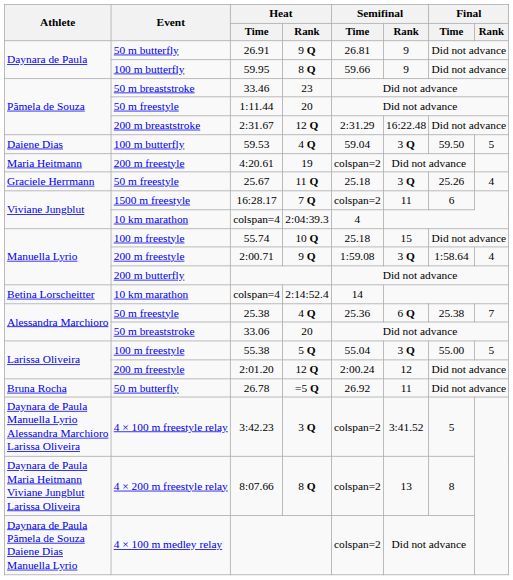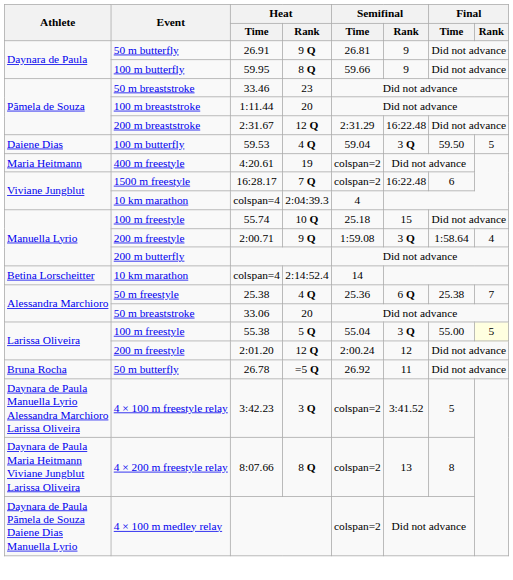 <table class=wikitable style="font-size:90%">
 <tr>
 <th rowspan="2">Athlete</th>
 <th rowspan="2">Event</th>
 <th colspan="2">Heat</th>
 <th colspan="2">Semifinal</th>
 <th colspan="2">Final</th>
 </tr>
 <tr style="font-size:95%">
 <th>Time</th>
 <th>Rank</th>
 <th>Time</th>
 <th>Rank</th>
 <th>Time</th>
 <th>Rank</th>
 </tr>
 <tr align=center>
 <td align=left rowspan=2><a href='#'>Daynara de Paula</a></td>
 <td align=left><a href='#'>50 m butterfly</a></td>
 <td>26.91</td>
 <td>9 <strong>Q</strong></td>
 <td>26.81</td>
 <td>9</td>
 <td colspan=2>Did not advance</td>
 </tr>
 <tr align=center>
 <td align=left><a href='#'>100 m butterfly</a></td>
 <td>59.95</td>
 <td>8 <strong>Q</strong></td>
 <td>59.66</td>
 <td>9</td>
 <td colspan=2>Did not advance</td>
 </tr>
 <tr align=center>
 <td align=left rowspan=3><a href='#'>Pãmela de Souza</a></td>
 <td align=left><a href='#'>50 m breaststroke</a></td>
 <td>33.46</td>
 <td>23</td>
 <td colspan=4>Did not advance</td>
 </tr>
 <tr align=center>
-<td align=left><a href='#'>50 m freestyle</a></td>
+<td align=left><a href='#'>100 m breaststroke</a></td>
 <td>1:11.44</td>
 <td>20</td>
 <td colspan=4>Did not advance</td>
 </tr>
 <tr align=center>
 <td align=left><a href='#'>200 m breaststroke</a></td>
 <td>2:31.67</td>
 <td>12 <strong>Q</strong></td>
 <td>2:31.29</td>
 <td>16:22.48</td>
 <td colspan=2>Did not advance</td>
 </tr>
 <tr align=center>
 <td align=left><a href='#'>Daiene Dias</a></td>
 <td align=left><a href='#'>100 m butterfly</a></td>
 <td>59.53</td>
 <td>4 <strong>Q</strong></td>
 <td>59.04</td>
 <td>3 <strong>Q</strong></td>
 <td>59.50</td>
 <td>5</td>
 </tr>
 <tr align=center>
 <td align=left><a href='#'>Maria Heitmann</a></td>
-<td align=left><a href='#'>200 m freestyle</a></td>
+<td align=left><a href='#'>400 m freestyle</a></td>
 <td>4:20.61</td>
 <td>19</td>
 <td>colspan=2 </td>
 <td colspan=2>Did not advance</td>
-</tr>
-<tr align=center>
-<td align=left><a href='#'>Graciele Herrmann</a></td>
-<td align=left><a href='#'>50 m freestyle</a></td>
-<td>25.67</td>
-<td>11 <strong>Q</strong></td>
-<td>25.18</td>
-<td>3 <strong>Q</strong></td>
-<td>25.26</td>
-<td>4</td>
 </tr>
 <tr align=center>
 <td align=left rowspan=2><a href='#'>Viviane Jungblut</a></td>
 <td align=left><a href='#'>1500 m freestyle</a></td>
 <td>16:28.17</td>
 <td>7 <strong>Q</strong></td>
 <td>colspan=2 </td>
-<td>11</td>
+<td>16:22.48</td>
 <td>6</td>
 </tr>
 <tr align=center>
 <td align=left><a href='#'>10 km marathon</a></td>
 <td>colspan=4 </td>
 <td>2:04:39.3</td>
 <td>4</td>
 </tr>
 <tr align=center>
 <td align=left rowspan=3><a href='#'>Manuella Lyrio</a></td>
 <td align=left><a href='#'>100 m freestyle</a></td>
 <td>55.74</td>
 <td>10 <strong>Q</strong></td>
 <td>25.18</td>
 <td>15</td>
 <td colspan=2>Did not advance</td>
 </tr>
 <tr align=center>
 <td align=left><a href='#'>200 m freestyle</a></td>
 <td>2:00.71</td>
 <td>9 <strong>Q</strong></td>
 <td>1:59.08</td>
 <td>3 <strong>Q</strong></td>
 <td>1:58.64</td>
 <td>4</td>
 </tr>
 <tr align=center>
 <td align=left><a href='#'>200 m butterfly</a></td>
 <td colspan=2></td>
 <td colspan=4>Did not advance</td>
 </tr>
 <tr align=center>
 <td align=left><a href='#'>Betina Lorscheitter</a></td>
 <td align=left><a href='#'>10 km marathon</a></td>
 <td>colspan=4 </td>
 <td>2:14:52.4</td>
 <td>14</td>
 </tr>
 <tr align=center>
 <td align=left rowspan=2><a href='#'>Alessandra Marchioro</a></td>
 <td align=left><a href='#'>50 m freestyle</a></td>
 <td>25.38</td>
 <td>4 <strong>Q</strong></td>
 <td>25.36</td>
 <td>6 <strong>Q</strong></td>
 <td>25.38</td>
 <td>7</td>
 </tr>
 <tr align=center>
 <td align=left><a href='#'>50 m breaststroke</a></td>
 <td>33.06</td>
 <td>20</td>
 <td colspan=4>Did not advance</td>
 </tr>
 <tr align=center>
 <td align=left rowspan=2><a href='#'>Larissa Oliveira</a></td>
 <td align=left><a href='#'>100 m freestyle</a></td>
 <td>55.38</td>
 <td>5 <strong>Q</strong></td>
 <td>55.04</td>
 <td>3 <strong>Q</strong></td>
 <td>55.00</td>
-<td>5</td>
+<td style="background: lightyellow;">5</td>
 </tr>
 <tr align=center>
 <td align=left><a href='#'>200 m freestyle</a></td>
 <td>2:01.20</td>
 <td>12 <strong>Q</strong></td>
 <td>2:00.24</td>
 <td>12</td>
 <td colspan=2>Did not advance</td>
 </tr>
 <tr align=center>
 <td align=left><a href='#'>Bruna Rocha</a></td>
 <td align=left><a href='#'>50 m butterfly</a></td>
 <td>26.78</td>
 <td>=5 <strong>Q</strong></td>
 <td>26.92</td>
 <td>11</td>
 <td colspan=2>Did not advance</td>
 </tr>
 <tr align=center>
 <td align=left><a href='#'>Daynara de Paula</a><br> <a href='#'>Manuella Lyrio</a><br> <a href='#'>Alessandra Marchioro</a><br> <a href='#'>Larissa Oliveira</a></td>
 <td align=left><a href='#'>4 × 100 m freestyle relay</a></td>
 <td>3:42.23</td>
 <td>3 <strong>Q</strong></td>
 <td>colspan=2 </td>
 <td>3:41.52</td>
 <td>5</td>
 </tr>
 <tr align=center>
 <td align=left><a href='#'>Daynara de Paula</a><br> <a href='#'>Maria Heitmann</a><br> <a href='#'>Viviane Jungblut</a><br> <a href='#'>Larissa Oliveira</a></td>
 <td align=left><a href='#'>4 × 200 m freestyle relay</a></td>
 <td>8:07.66</td>
 <td>8 <strong>Q</strong></td>
 <td>colspan=2 </td>
 <td>13</td>
 <td>8</td>
 </tr>
 <tr align=center>
 <td align=left><a href='#'>Daynara de Paula</a><br> <a href='#'>Pãmela de Souza</a><br> <a href='#'>Daiene Dias</a><br> <a href='#'>Manuella Lyrio</a></td>
 <td align=left><a href='#'>4 × 100 m medley relay</a></td>
 <td colspan=2></td>
 <td>colspan=2 </td>
 <td colspan=2>Did not advance</td>
 </tr>
 </table>
